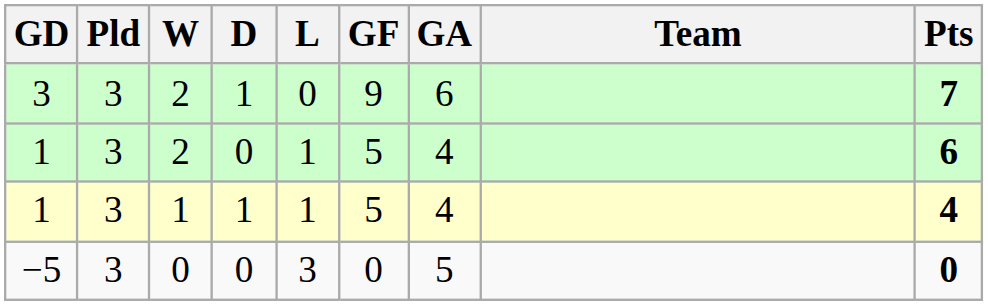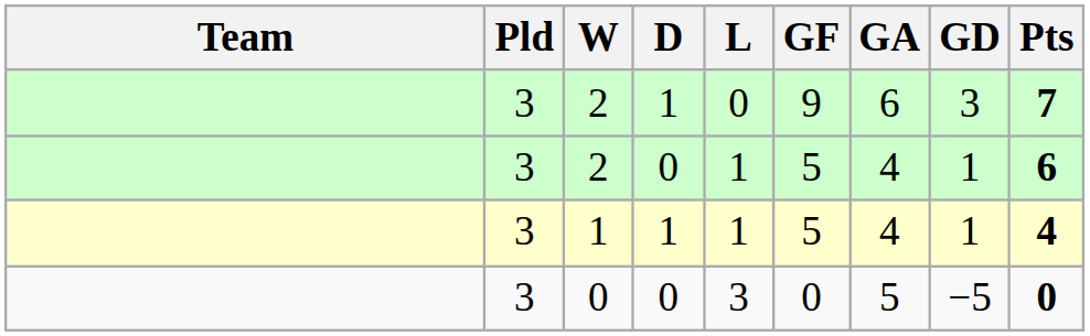 <table class="wikitable" style="text-align:center;">
 <tr>
-<th width=20>GD</th>
+<th width=180>Team</th>
 <th width=20>Pld</th>
 <th width=20>W</th>
 <th width=20>D</th>
 <th width=20>L</th>
 <th width=20>GF</th>
 <th width=20>GA</th>
-<th width=180>Team</th>
+<th width=20>GD</th>
 <th width=20>Pts</th>
 </tr>
 <tr bgcolor="ccffcc">
-<td>3</td>
+<td align="left"></td>
 <td>3</td>
 <td>2</td>
 <td>1</td>
 <td>0</td>
 <td>9</td>
 <td>6</td>
-<td align="left"></td>
+<td>3</td>
 <td><strong>7</strong></td>
 </tr>
 <tr bgcolor="ccffcc">
-<td>1</td>
+<td align="left"></td>
 <td>3</td>
 <td>2</td>
 <td>0</td>
 <td>1</td>
 <td>5</td>
 <td>4</td>
-<td align="left"></td>
+<td>1</td>
 <td><strong>6</strong></td>
 </tr>
 <tr bgcolor="ffffcc">
-<td>1</td>
+<td align="left"><em></em></td>
 <td>3</td>
 <td>1</td>
 <td>1</td>
 <td>1</td>
 <td>5</td>
 <td>4</td>
-<td align="left"><em></em></td>
+<td>1</td>
 <td><strong>4</strong></td>
 </tr>
 <tr>
-<td>−5</td>
+<td align="left"></td>
 <td>3</td>
 <td>0</td>
 <td>0</td>
 <td>3</td>
 <td>0</td>
 <td>5</td>
-<td align="left"></td>
+<td>−5</td>
 <td><strong>0</strong></td>
 </tr>
 </table>
